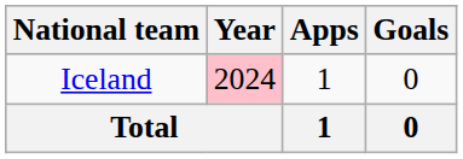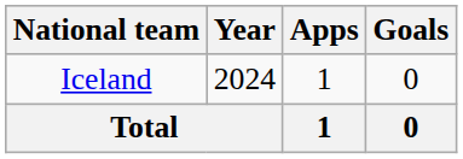 <table class="wikitable" style="text-align: center;">
 <tr>
 <th>National team</th>
 <th>Year</th>
 <th>Apps</th>
 <th>Goals</th>
 </tr>
 <tr>
 <td><a href='#'>Iceland</a></td>
-<td style="background: pink;">2024</td>
+<td>2024</td>
 <td>1</td>
 <td>0</td>
 </tr>
 <tr>
 <th colspan="2">Total</th>
 <th>1</th>
 <th>0</th>
 </tr>
 </table>
